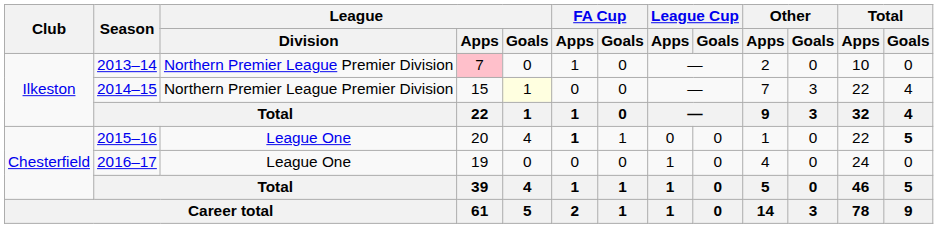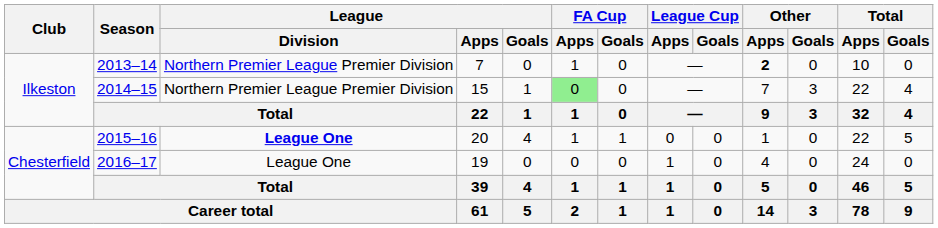 <table class="wikitable" style="text-align:center">
 <tr>
 <th rowspan="2">Club</th>
 <th rowspan="2">Season</th>
 <th colspan="3">League</th>
 <th colspan="2"><a href='#'>FA Cup</a></th>
 <th colspan="2"><a href='#'>League Cup</a></th>
 <th colspan="2">Other</th>
 <th colspan="2">Total</th>
 </tr>
 <tr>
 <th>Division</th>
 <th>Apps</th>
 <th>Goals</th>
 <th>Apps</th>
 <th>Goals</th>
 <th>Apps</th>
 <th>Goals</th>
 <th>Apps</th>
 <th>Goals</th>
 <th>Apps</th>
 <th>Goals</th>
 </tr>
 <tr>
 <td rowspan="3"><a href='#'>Ilkeston</a></td>
 <td><a href='#'>2013–14</a></td>
 <td><a href='#'>Northern Premier League</a> Premier Division</td>
-<td style="background: pink;">7</td>
+<td>7</td>
 <td>0</td>
 <td>1</td>
 <td>0</td>
 <td colspan="2">—</td>
-<td>2</td>
+<td><strong>2</strong></td>
 <td>0</td>
 <td>10</td>
 <td>0</td>
 </tr>
 <tr>
 <td><a href='#'>2014–15</a></td>
 <td>Northern Premier League Premier Division</td>
 <td>15</td>
-<td style="background: lightyellow;">1</td>
-<td>0</td>
+<td>1</td>
+<td style="background: lightgreen;">0</td>
 <td>0</td>
 <td colspan="2">—</td>
 <td>7</td>
 <td>3</td>
 <td>22</td>
 <td>4</td>
 </tr>
 <tr>
 <th colspan="2">Total</th>
 <th>22</th>
 <th>1</th>
 <th>1</th>
 <th>0</th>
 <th colspan="2">—</th>
 <th>9</th>
 <th>3</th>
 <th>32</th>
 <th>4</th>
 </tr>
 <tr>
 <td rowspan="3"><a href='#'>Chesterfield</a></td>
 <td><a href='#'>2015–16</a></td>
-<td><a href='#'>League One</a></td>
+<td><strong><a href='#'>League One</a></strong></td>
 <td>20</td>
 <td>4</td>
-<td><strong>1</strong></td>
+<td>1</td>
 <td>1</td>
 <td>0</td>
 <td>0</td>
 <td>1</td>
 <td>0</td>
 <td>22</td>
-<td><strong>5</strong></td>
+<td>5</td>
 </tr>
 <tr>
 <td><a href='#'>2016–17</a></td>
 <td>League One</td>
 <td>19</td>
 <td>0</td>
 <td>0</td>
 <td>0</td>
 <td>1</td>
 <td>0</td>
 <td>4</td>
 <td>0</td>
 <td>24</td>
 <td>0</td>
 </tr>
 <tr>
 <th colspan="2">Total</th>
 <th>39</th>
 <th>4</th>
 <th>1</th>
 <th>1</th>
 <th>1</th>
 <th>0</th>
 <th>5</th>
 <th>0</th>
 <th>46</th>
 <th>5</th>
 </tr>
 <tr>
 <th colspan="3">Career total</th>
 <th>61</th>
 <th>5</th>
 <th>2</th>
 <th>1</th>
 <th>1</th>
 <th>0</th>
 <th>14</th>
 <th>3</th>
 <th>78</th>
 <th>9</th>
 </tr>
 </table>
